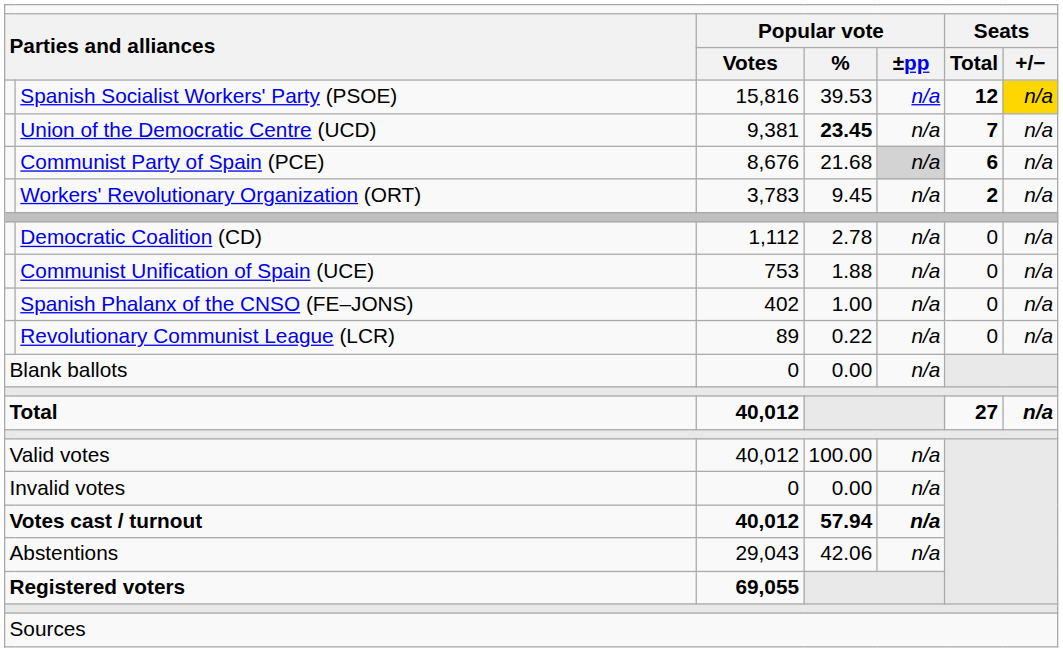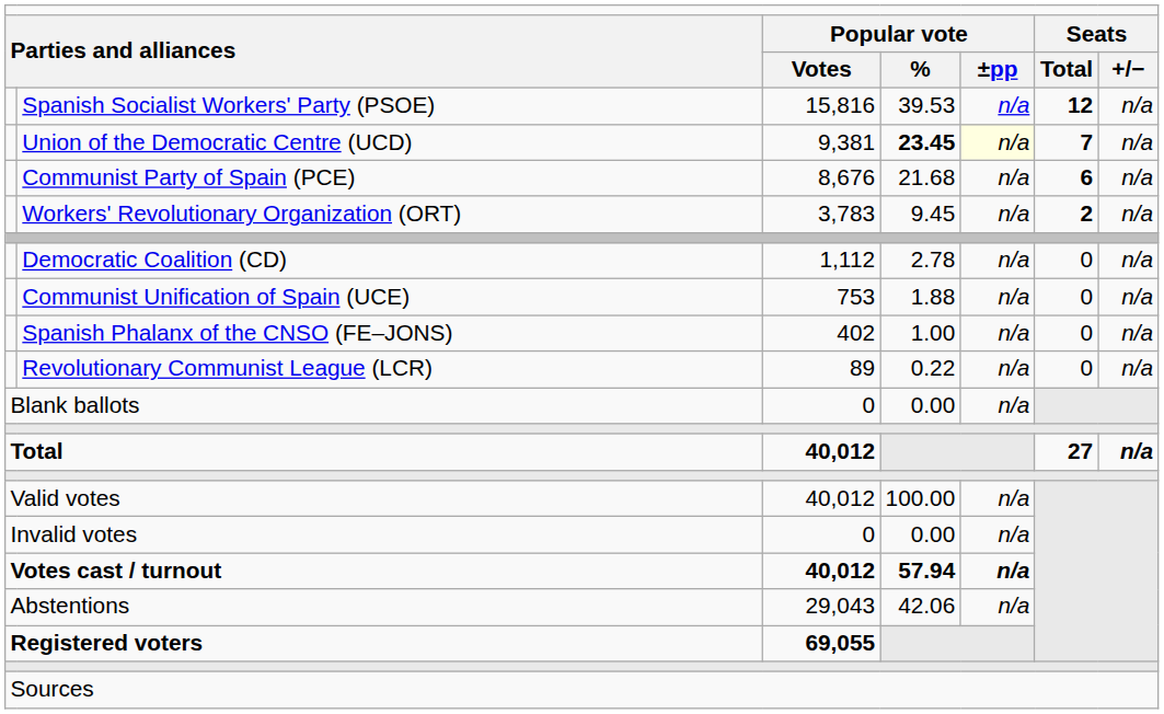 <table class="wikitable" style="text-align:right;">
 <tr>
 <td colspan="7"></td>
 </tr>
 <tr>
 <th style="text-align:left;" rowspan="2" colspan="2" width="525">Parties and alliances</th>
 <th colspan="3">Popular vote</th>
 <th colspan="2">Seats</th>
 </tr>
 <tr>
 <th width="75">Votes</th>
 <th width="45">%</th>
 <th width="45">±<a href='#'>pp</a></th>
 <th width="35">Total</th>
 <th width="35">+/−</th>
 </tr>
 <tr>
 <td width="1" style="color:inherit;background:"></td>
 <td align="left"><a href='#'>Spanish Socialist Workers' Party</a> (PSOE)</td>
 <td>15,816</td>
 <td>39.53</td>
 <td><em><a href='#'>n/a</a></em></td>
 <td><strong>12</strong></td>
-<td style="background: gold;"><em>n/a</em></td>
+<td><em>n/a</em></td>
 </tr>
 <tr>
 <td style="color:inherit;background:"></td>
 <td align="left"><a href='#'>Union of the Democratic Centre</a> (UCD)</td>
 <td>9,381</td>
 <td><strong>23.45</strong></td>
-<td><em>n/a</em></td>
+<td style="background: lightyellow;"><em>n/a</em></td>
 <td><strong>7</strong></td>
 <td><em>n/a</em></td>
 </tr>
 <tr>
 <td style="color:inherit;background:"></td>
 <td align="left"><a href='#'>Communist Party of Spain</a> (PCE)</td>
 <td>8,676</td>
 <td>21.68</td>
-<td style="background: lightgrey;"><em>n/a</em></td>
+<td><em>n/a</em></td>
 <td><strong>6</strong></td>
 <td><em>n/a</em></td>
 </tr>
 <tr>
 <td style="color:inherit;background:"></td>
 <td align="left"><a href='#'>Workers' Revolutionary Organization</a> (ORT)</td>
 <td>3,783</td>
 <td>9.45</td>
 <td><em>n/a</em></td>
 <td><strong>2</strong></td>
 <td><em>n/a</em></td>
 </tr>
 <tr>
 <td colspan="7" bgcolor="#C0C0C0"></td>
 </tr>
 <tr>
 <td style="color:inherit;background:"></td>
 <td align="left"><a href='#'>Democratic Coalition</a> (CD)</td>
 <td>1,112</td>
 <td>2.78</td>
 <td><em>n/a</em></td>
 <td>0</td>
 <td><em>n/a</em></td>
 </tr>
 <tr>
 <td style="color:inherit;background:"></td>
 <td align="left"><a href='#'>Communist Unification of Spain</a> (UCE)</td>
 <td>753</td>
 <td>1.88</td>
 <td><em>n/a</em></td>
 <td>0</td>
 <td><em>n/a</em></td>
 </tr>
 <tr>
 <td style="color:inherit;background:"></td>
 <td align="left"><a href='#'>Spanish Phalanx of the CNSO</a> (FE–JONS)</td>
 <td>402</td>
 <td>1.00</td>
 <td><em>n/a</em></td>
 <td>0</td>
 <td><em>n/a</em></td>
 </tr>
 <tr>
 <td style="color:inherit;background:"></td>
 <td align="left"><a href='#'>Revolutionary Communist League</a> (LCR)</td>
 <td>89</td>
 <td>0.22</td>
 <td><em>n/a</em></td>
 <td>0</td>
 <td><em>n/a</em></td>
 </tr>
 <tr>
 <td align="left" colspan="2">Blank ballots</td>
 <td>0</td>
 <td>0.00</td>
 <td><em>n/a</em></td>
 <td bgcolor="#E9E9E9" colspan="2"></td>
 </tr>
 <tr>
 <td colspan="7" bgcolor="#E9E9E9"></td>
 </tr>
 <tr style="font-weight:bold;">
 <td align="left" colspan="2">Total</td>
 <td>40,012</td>
 <td bgcolor="#E9E9E9" colspan="2"></td>
 <td>27</td>
 <td><em>n/a</em></td>
 </tr>
 <tr>
 <td colspan="7" bgcolor="#E9E9E9"></td>
 </tr>
 <tr>
 <td align="left" colspan="2">Valid votes</td>
 <td>40,012</td>
 <td>100.00</td>
 <td><em>n/a</em></td>
 <td bgcolor="#E9E9E9" colspan="2" rowspan="5"></td>
 </tr>
 <tr>
 <td align="left" colspan="2">Invalid votes</td>
 <td>0</td>
 <td>0.00</td>
 <td><em>n/a</em></td>
 </tr>
 <tr style="font-weight:bold;">
 <td align="left" colspan="2">Votes cast / turnout</td>
 <td>40,012</td>
 <td>57.94</td>
 <td><em>n/a</em></td>
 </tr>
 <tr>
 <td align="left" colspan="2">Abstentions</td>
 <td>29,043</td>
 <td>42.06</td>
 <td><em>n/a</em></td>
 </tr>
 <tr style="font-weight:bold;">
 <td align="left" colspan="2">Registered voters</td>
 <td>69,055</td>
 <td bgcolor="#E9E9E9" colspan="2"></td>
 </tr>
 <tr>
 <td colspan="7" bgcolor="#E9E9E9"></td>
 </tr>
 <tr>
 <td align="left" colspan="7">Sources</td>
 </tr>
 </table>
